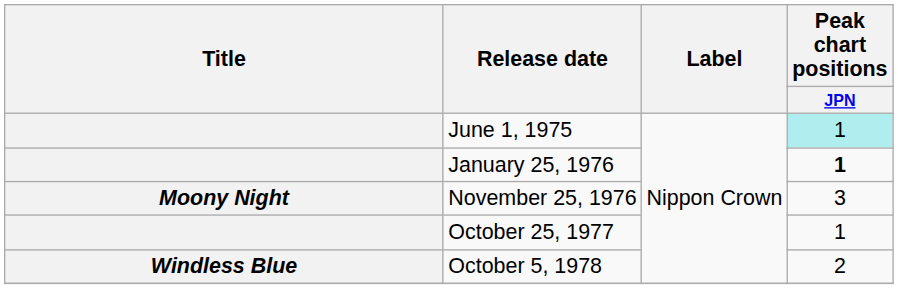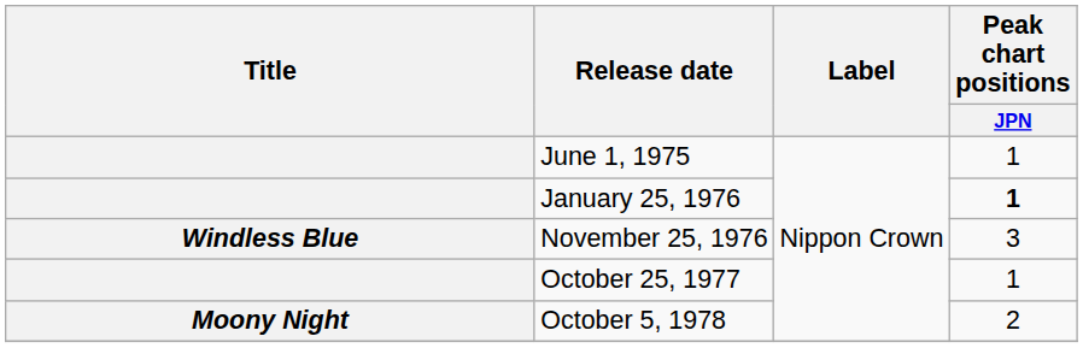 <table class="wikitable plainrowheaders" style="text-align:center;">
 <tr>
 <th rowspan="2" style="width:20em;">Title</th>
 <th rowspan="2">Release date</th>
 <th rowspan="2">Label</th>
 <th colspan="1">Peak chart positions</th>
 </tr>
 <tr>
 <th style="width:3em;font-size:75%"><a href='#'>JPN</a><br></th>
 </tr>
 <tr>
 <th scope="row"></th>
 <td align="left">June 1, 1975</td>
 <td rowspan="5">Nippon Crown</td>
-<td style="background: paleturquoise;">1</td>
+<td>1</td>
 </tr>
 <tr>
 <th scope="row"></th>
 <td align="left">January 25, 1976</td>
 <td><strong>1</strong></td>
 </tr>
 <tr>
-<th scope="row"><em>Moony Night</em></th>
+<th scope="row"><em>Windless Blue</em></th>
 <td align="left">November 25, 1976</td>
 <td>3</td>
 </tr>
 <tr>
 <th scope="row"></th>
 <td align="left">October 25, 1977</td>
 <td>1</td>
 </tr>
 <tr>
-<th scope="row"><em>Windless Blue</em></th>
+<th scope="row"><em>Moony Night</em></th>
 <td align="left">October 5, 1978</td>
 <td>2</td>
 </tr>
 <tr>
 </tr>
 </table>
